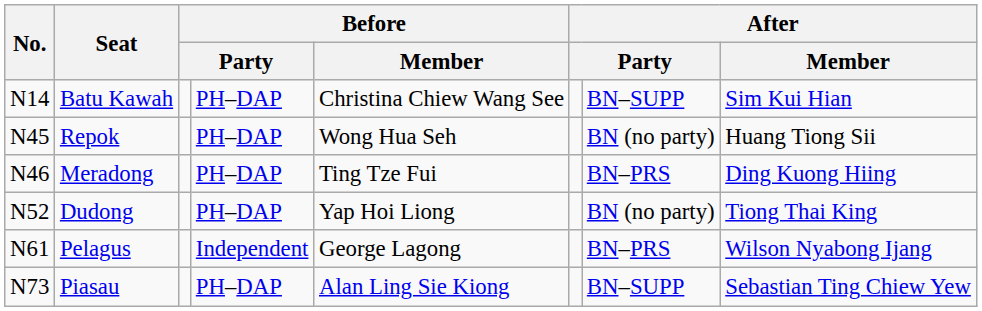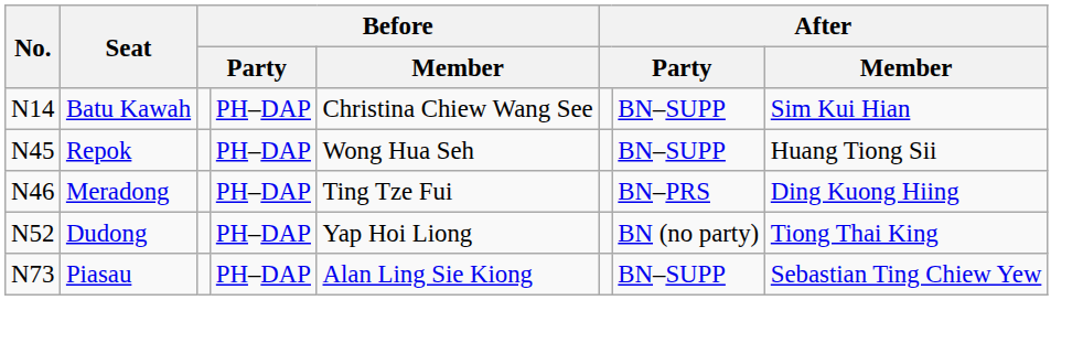 <table class="wikitable sortable" style="font-size:95%;">
 <tr>
 <th rowspan="2" scope="col">No.</th>
 <th rowspan="2" scope="col">Seat</th>
 <th colspan="3" scope="col">Before</th>
 <th colspan="3" scope="col">After</th>
 </tr>
 <tr>
 <th colspan="2">Party</th>
 <th>Member</th>
 <th colspan="2">Party</th>
 <th>Member</th>
 </tr>
 <tr>
 <td>N14</td>
 <td><a href='#'>Batu Kawah</a></td>
 <td width="1"></td>
 <td><a href='#'>PH</a>–<a href='#'>DAP</a></td>
 <td>Christina Chiew Wang See</td>
 <td width="1"></td>
 <td><a href='#'>BN</a>–<a href='#'>SUPP</a></td>
 <td><a href='#'>Sim Kui Hian</a></td>
 </tr>
 <tr>
 <td>N45</td>
 <td><a href='#'>Repok</a></td>
 <td width="1"></td>
 <td><a href='#'>PH</a>–<a href='#'>DAP</a></td>
 <td>Wong Hua Seh</td>
 <td width="1"></td>
-<td><a href='#'>BN</a> (no party)</td>
+<td><a href='#'>BN</a>–<a href='#'>SUPP</a></td>
 <td>Huang Tiong Sii</td>
 </tr>
 <tr>
 <td>N46</td>
 <td><a href='#'>Meradong</a></td>
 <td width="1"></td>
 <td><a href='#'>PH</a>–<a href='#'>DAP</a></td>
 <td>Ting Tze Fui</td>
 <td width="1"></td>
 <td><a href='#'>BN</a>–<a href='#'>PRS</a></td>
 <td><a href='#'>Ding Kuong Hiing</a></td>
 </tr>
 <tr>
 <td>N52</td>
 <td><a href='#'>Dudong</a></td>
 <td width="1"></td>
 <td><a href='#'>PH</a>–<a href='#'>DAP</a></td>
 <td>Yap Hoi Liong</td>
 <td width="1"></td>
 <td><a href='#'>BN</a> (no party)</td>
 <td><a href='#'>Tiong Thai King</a></td>
 </tr>
 <tr>
-<td>N61</td>
-<td><a href='#'>Pelagus</a></td>
-<td width="1"></td>
-<td><a href='#'>Independent</a></td>
-<td>George Lagong</td>
-<td width="1"></td>
-<td><a href='#'>BN</a>–<a href='#'>PRS</a></td>
-<td><a href='#'>Wilson Nyabong Ijang</a></td>
-</tr>
-<tr>
 <td>N73</td>
 <td><a href='#'>Piasau</a></td>
 <td width="1"></td>
 <td><a href='#'>PH</a>–<a href='#'>DAP</a></td>
 <td><a href='#'>Alan Ling Sie Kiong</a></td>
 <td width="1"></td>
 <td><a href='#'>BN</a>–<a href='#'>SUPP</a></td>
 <td><a href='#'>Sebastian Ting Chiew Yew</a></td>
 </tr>
 </table>
